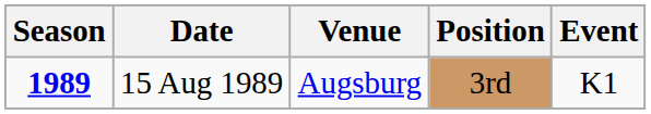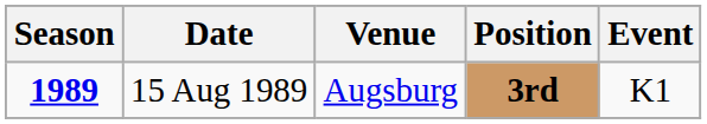 <table class="wikitable" style="text-align:center; font-size:95%;">
 <tr>
 <th>Season</th>
 <th>Date</th>
 <th>Venue</th>
 <th>Position</th>
 <th>Event</th>
 </tr>
 <tr>
 <td rowspan=3><strong><a href='#'>1989</a></strong></td>
 <td align=right>15 Aug 1989</td>
 <td align=left><a href='#'>Augsburg</a></td>
-<td bgcolor=cc9966>3rd</td>
+<td bgcolor=cc9966><strong>3rd</strong></td>
 <td>K1</td>
 </tr>
 </table>
